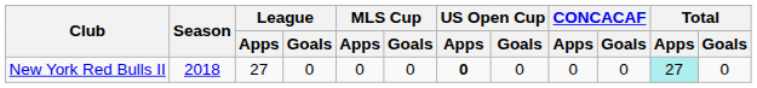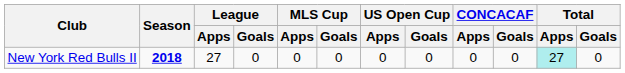 <table class="wikitable" style="text-align: center;">
 <tr>
 <th rowspan="2">Club</th>
 <th rowspan="2">Season</th>
 <th colspan="2">League</th>
 <th colspan="2">MLS Cup</th>
 <th colspan="2">US Open Cup</th>
 <th colspan="2"><a href='#'>CONCACAF</a></th>
 <th colspan="2">Total</th>
 </tr>
 <tr>
 <th>Apps</th>
 <th>Goals</th>
 <th>Apps</th>
 <th>Goals</th>
 <th>Apps</th>
 <th>Goals</th>
 <th>Apps</th>
 <th>Goals</th>
 <th>Apps</th>
 <th>Goals</th>
 </tr>
 <tr>
 <td rowspan="2"><a href='#'>New York Red Bulls II</a></td>
-<td><a href='#'>2018</a></td>
+<td><strong><a href='#'>2018</a></strong></td>
 <td>27</td>
 <td>0</td>
 <td>0</td>
 <td>0</td>
-<td><strong>0</strong></td>
+<td>0</td>
 <td>0</td>
 <td>0</td>
 <td>0</td>
 <td style="background: paleturquoise;">27</td>
 <td>0</td>
 </tr>
 </table>
